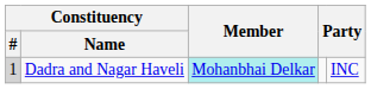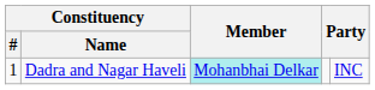 <table class="wikitable">
 <tr>
 <th colspan="2">Constituency</th>
 <th rowspan="2">Member</th>
 <th colspan="2" rowspan="2">Party</th>
 </tr>
 <tr>
 <th>#</th>
 <th>Name</th>
 </tr>
 <tr>
-<td style="background: lightgrey;">1</td>
+<td>1</td>
 <td><a href='#'>Dadra and Nagar Haveli</a></td>
 <td style="background: paleturquoise;"><a href='#'>Mohanbhai Delkar</a></td>
 <td style="background-color: "></td>
 <td><a href='#'>INC</a></td>
 </tr>
 </table>
